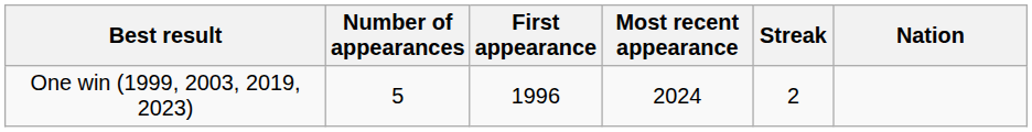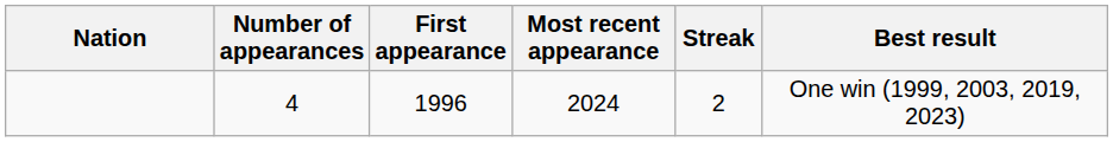 <table class="wikitable sortable" style="font-size:97%; text-align:center">
 <tr>
-<th width="220">Best result</th>
+<th width="130">Nation</th>
 <th width="60">Number of appearances</th>
 <th width="60">First appearance</th>
 <th width="100">Most recent appearance</th>
 <th width="50">Streak</th>
-<th width="130">Nation</th>
+<th width="220">Best result</th>
 </tr>
 <tr>
-<td>One win (1999, 2003, 2019, 2023)</td>
-<td>5</td>
+<td align=left></td>
+<td>4</td>
 <td>1996</td>
 <td>2024</td>
 <td>2</td>
-<td align=left></td>
+<td>One win (1999, 2003, 2019, 2023)</td>
 </tr>
 </table>
